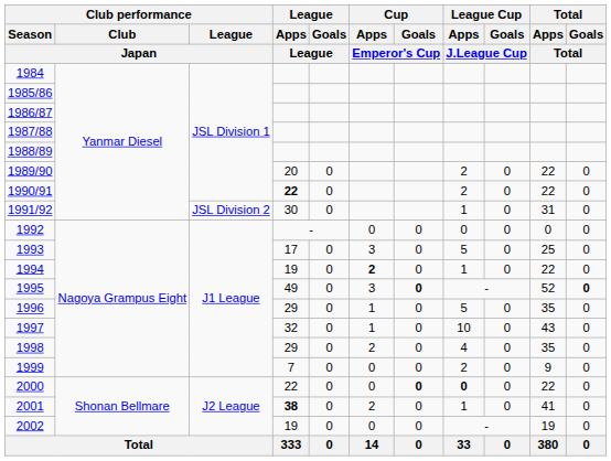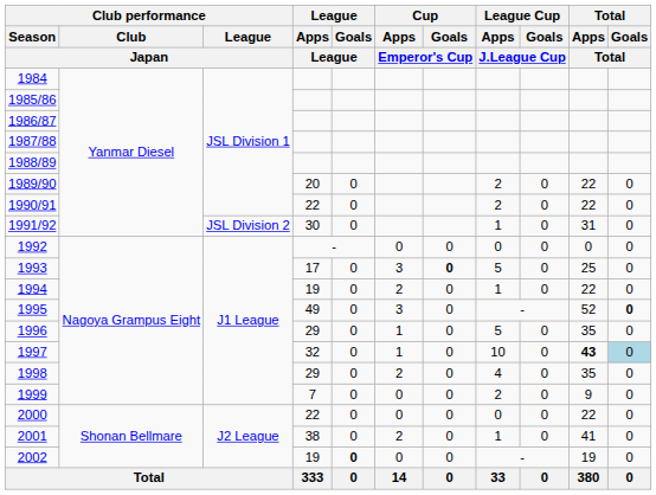 <table class="wikitable" style="text-align:center;">
 <tr>
 <th colspan=3>Club performance</th>
 <th colspan=2>League</th>
 <th colspan=2>Cup</th>
 <th colspan=2>League Cup</th>
 <th colspan=2>Total</th>
 </tr>
 <tr>
 <th>Season</th>
 <th>Club</th>
 <th>League</th>
 <th>Apps</th>
 <th>Goals</th>
 <th>Apps</th>
 <th>Goals</th>
 <th>Apps</th>
 <th>Goals</th>
 <th>Apps</th>
 <th>Goals</th>
 </tr>
 <tr>
 <th colspan=3>Japan</th>
 <th colspan=2>League</th>
 <th colspan=2><a href='#'>Emperor's Cup</a></th>
 <th colspan=2><a href='#'>J.League Cup</a></th>
 <th colspan=2>Total</th>
 </tr>
 <tr>
 <td><a href='#'>1984</a></td>
 <td rowspan="8"><a href='#'>Yanmar Diesel</a></td>
 <td rowspan="7"><a href='#'>JSL Division 1</a></td>
 <td></td>
 <td></td>
 <td></td>
 <td></td>
 <td></td>
 <td></td>
 <td></td>
 <td></td>
 </tr>
 <tr>
 <td><a href='#'>1985/86</a></td>
 <td></td>
 <td></td>
 <td></td>
 <td></td>
 <td></td>
 <td></td>
 <td></td>
 <td></td>
 </tr>
 <tr>
 <td><a href='#'>1986/87</a></td>
 <td></td>
 <td></td>
 <td></td>
 <td></td>
 <td></td>
 <td></td>
 <td></td>
 <td></td>
 </tr>
 <tr>
 <td><a href='#'>1987/88</a></td>
 <td></td>
 <td></td>
 <td></td>
 <td></td>
 <td></td>
 <td></td>
 <td></td>
 <td></td>
 </tr>
 <tr>
 <td><a href='#'>1988/89</a></td>
 <td></td>
 <td></td>
 <td></td>
 <td></td>
 <td></td>
 <td></td>
 <td></td>
 <td></td>
 </tr>
 <tr>
 <td><a href='#'>1989/90</a></td>
 <td>20</td>
 <td>0</td>
 <td></td>
 <td></td>
 <td>2</td>
 <td>0</td>
 <td>22</td>
 <td>0</td>
 </tr>
 <tr>
 <td><a href='#'>1990/91</a></td>
-<td><strong>22</strong></td>
+<td>22</td>
 <td>0</td>
 <td></td>
 <td></td>
 <td>2</td>
 <td>0</td>
 <td>22</td>
 <td>0</td>
 </tr>
 <tr>
 <td><a href='#'>1991/92</a></td>
 <td><a href='#'>JSL Division 2</a></td>
 <td>30</td>
 <td>0</td>
 <td></td>
 <td></td>
 <td>1</td>
 <td>0</td>
 <td>31</td>
 <td>0</td>
 </tr>
 <tr>
 <td><a href='#'>1992</a></td>
 <td rowspan="8"><a href='#'>Nagoya Grampus Eight</a></td>
 <td rowspan="8"><a href='#'>J1 League</a></td>
 <td colspan="2">-</td>
 <td>0</td>
 <td>0</td>
 <td>0</td>
 <td>0</td>
 <td>0</td>
 <td>0</td>
 </tr>
 <tr>
 <td><a href='#'>1993</a></td>
 <td>17</td>
 <td>0</td>
 <td>3</td>
-<td>0</td>
+<td><strong>0</strong></td>
 <td>5</td>
 <td>0</td>
 <td>25</td>
 <td>0</td>
 </tr>
 <tr>
 <td><a href='#'>1994</a></td>
 <td>19</td>
 <td>0</td>
-<td><strong>2</strong></td>
+<td>2</td>
 <td>0</td>
 <td>1</td>
 <td>0</td>
 <td>22</td>
 <td>0</td>
 </tr>
 <tr>
 <td><a href='#'>1995</a></td>
 <td>49</td>
 <td>0</td>
 <td>3</td>
-<td><strong>0</strong></td>
+<td>0</td>
 <td colspan="2">-</td>
 <td>52</td>
 <td><strong>0</strong></td>
 </tr>
 <tr>
 <td><a href='#'>1996</a></td>
 <td>29</td>
 <td>0</td>
 <td>1</td>
 <td>0</td>
 <td>5</td>
 <td>0</td>
 <td>35</td>
 <td>0</td>
 </tr>
 <tr>
 <td><a href='#'>1997</a></td>
 <td>32</td>
 <td>0</td>
 <td>1</td>
 <td>0</td>
 <td>10</td>
 <td>0</td>
-<td>43</td>
-<td>0</td>
+<td><strong>43</strong></td>
+<td style="background: lightblue;">0</td>
 </tr>
 <tr>
 <td><a href='#'>1998</a></td>
 <td>29</td>
 <td>0</td>
 <td>2</td>
 <td>0</td>
 <td>4</td>
 <td>0</td>
 <td>35</td>
 <td>0</td>
 </tr>
 <tr>
 <td><a href='#'>1999</a></td>
 <td>7</td>
 <td>0</td>
 <td>0</td>
 <td>0</td>
 <td>2</td>
 <td>0</td>
 <td>9</td>
 <td>0</td>
 </tr>
 <tr>
 <td><a href='#'>2000</a></td>
 <td rowspan="3"><a href='#'>Shonan Bellmare</a></td>
 <td rowspan="3"><a href='#'>J2 League</a></td>
 <td>22</td>
 <td>0</td>
 <td>0</td>
-<td><strong>0</strong></td>
-<td><strong>0</strong></td>
+<td>0</td>
+<td>0</td>
 <td>0</td>
 <td>22</td>
 <td>0</td>
 </tr>
 <tr>
 <td><a href='#'>2001</a></td>
-<td><strong>38</strong></td>
+<td>38</td>
 <td>0</td>
 <td>2</td>
 <td>0</td>
 <td>1</td>
 <td>0</td>
 <td>41</td>
 <td>0</td>
 </tr>
 <tr>
 <td><a href='#'>2002</a></td>
 <td>19</td>
-<td>0</td>
+<td><strong>0</strong></td>
 <td>0</td>
 <td>0</td>
 <td colspan="2">-</td>
 <td>19</td>
 <td>0</td>
 </tr>
 <tr>
 <th colspan=3>Total</th>
 <th>333</th>
 <th>0</th>
 <th>14</th>
 <th>0</th>
 <th>33</th>
 <th>0</th>
 <th>380</th>
 <th>0</th>
 </tr>
 </table>
